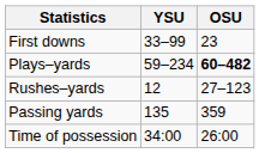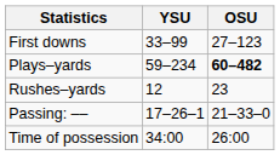 <table class="wikitable" style="float:left">
 <tr>
 <th>Statistics</th>
 <th>YSU</th>
 <th>OSU</th>
 </tr>
 <tr>
 <td>First downs</td>
 <td>33–99</td>
-<td>23</td>
+<td>27–123</td>
 </tr>
 <tr>
 <td>Plays–yards</td>
 <td>59–234</td>
 <td><strong>60–482</strong></td>
 </tr>
 <tr>
 <td>Rushes–yards</td>
 <td>12</td>
-<td>27–123</td>
+<td>23</td>
 </tr>
 <tr>
-<td>Passing yards</td>
-<td>135</td>
-<td>359</td>
+<td>Passing: ––</td>
+<td>17–26–1</td>
+<td>21–33–0</td>
 </tr>
 <tr>
 <td>Time of possession</td>
 <td>34:00</td>
 <td>26:00</td>
 </tr>
 </table>
